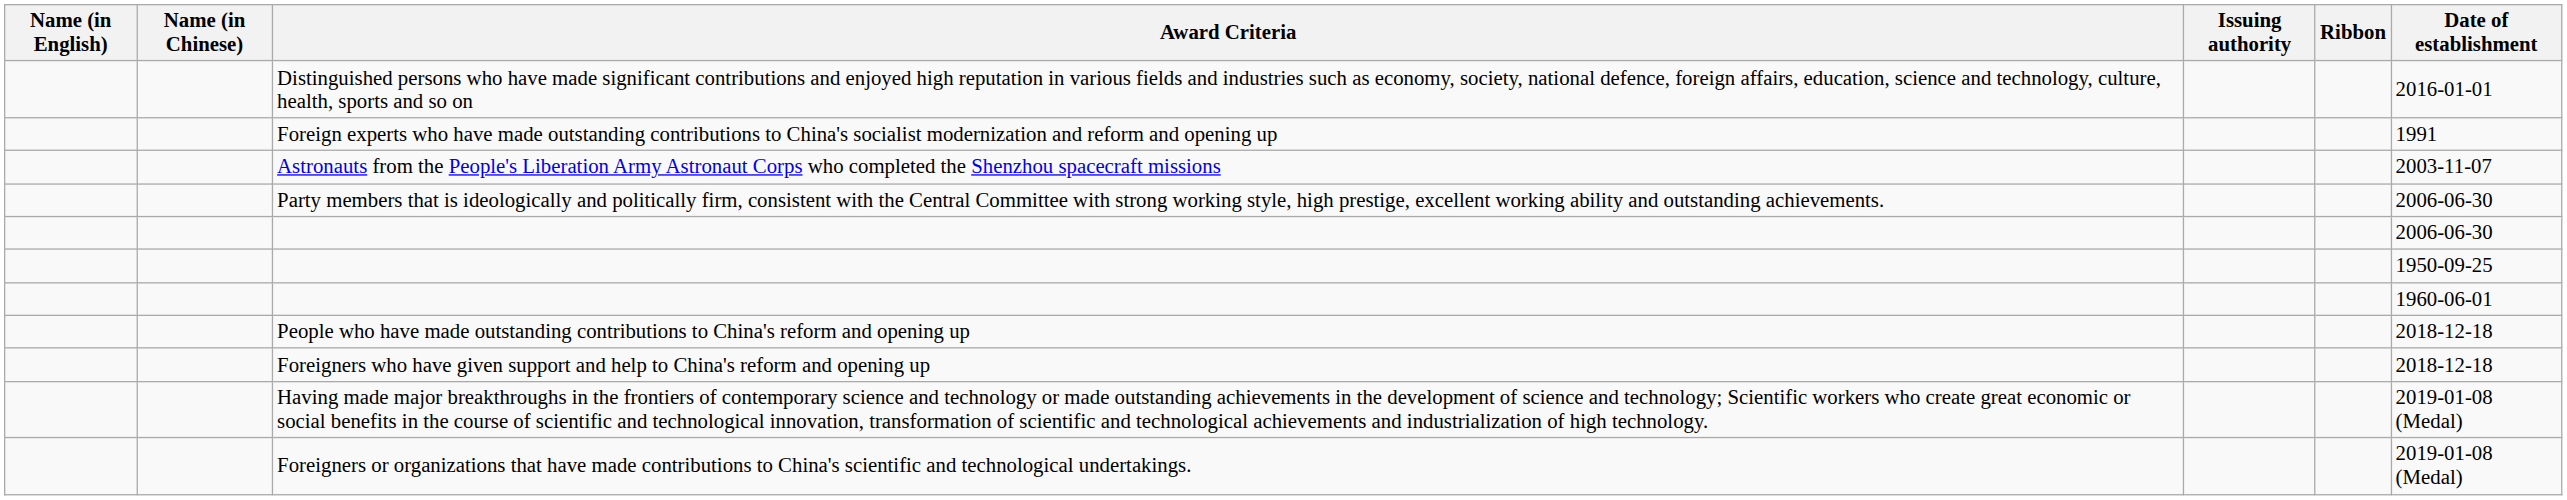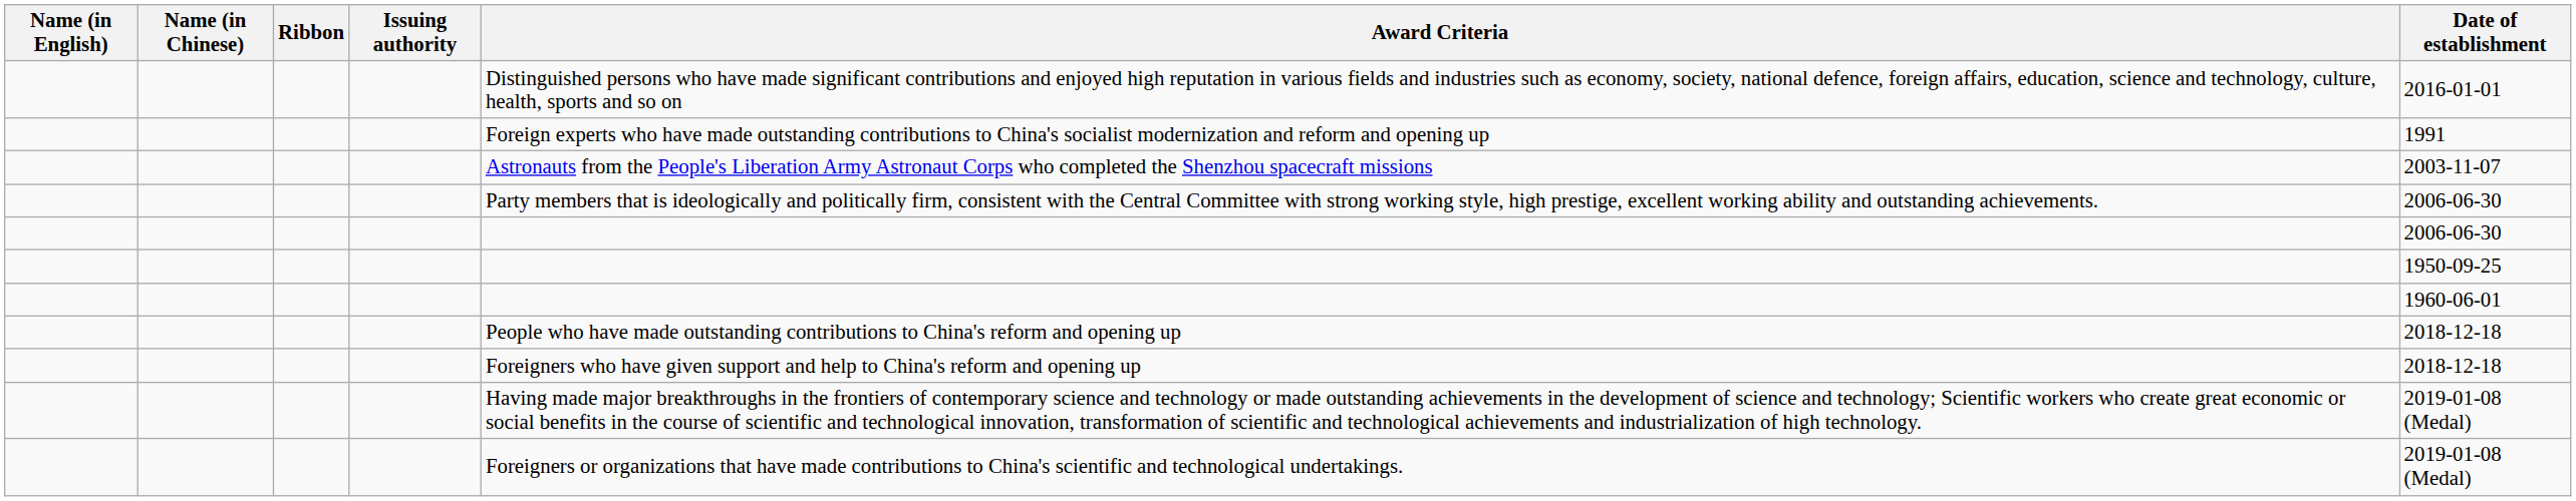 <table class="wikitable sortable">
 <tr>
 <th>Name (in English)</th>
 <th>Name (in Chinese)</th>
+<th>Ribbon</th>
+<th>Issuing authority</th>
 <th>Award Criteria</th>
-<th>Issuing authority</th>
-<th>Ribbon</th>
 <th>Date of establishment</th>
 </tr>
 <tr>
 <td></td>
 <td></td>
-<td>Distinguished persons who have made significant contributions and enjoyed high reputation in various fields and industries such as economy, society, national defence, foreign affairs, education, science and technology, culture, health, sports and so on</td>
 <td></td>
 <td></td>
+<td>Distinguished persons who have made significant contributions and enjoyed high reputation in various fields and industries such as economy, society, national defence, foreign affairs, education, science and technology, culture, health, sports and so on</td>
 <td>2016-01-01</td>
 </tr>
 <tr>
 <td></td>
 <td></td>
-<td>Foreign experts who have made outstanding contributions to China's socialist modernization and reform and opening up</td>
 <td></td>
 <td></td>
+<td>Foreign experts who have made outstanding contributions to China's socialist modernization and reform and opening up</td>
 <td>1991</td>
 </tr>
 <tr>
 <td></td>
 <td></td>
-<td><a href='#'>Astronauts</a> from the <a href='#'>People's Liberation Army Astronaut Corps</a> who completed the <a href='#'>Shenzhou spacecraft missions</a></td>
 <td></td>
 <td></td>
+<td><a href='#'>Astronauts</a> from the <a href='#'>People's Liberation Army Astronaut Corps</a> who completed the <a href='#'>Shenzhou spacecraft missions</a></td>
 <td>2003-11-07</td>
 </tr>
 <tr>
 <td></td>
 <td></td>
-<td>Party members that is ideologically and politically firm, consistent with the Central Committee with strong working style, high prestige, excellent working ability and outstanding achievements.</td>
 <td></td>
 <td></td>
+<td>Party members that is ideologically and politically firm, consistent with the Central Committee with strong working style, high prestige, excellent working ability and outstanding achievements.</td>
 <td>2006-06-30</td>
 </tr>
 <tr>
 <td></td>
 <td></td>
 <td></td>
 <td></td>
 <td></td>
 <td>2006-06-30</td>
 </tr>
 <tr>
 <td></td>
 <td></td>
 <td></td>
 <td></td>
 <td></td>
 <td>1950-09-25</td>
 </tr>
 <tr>
 <td></td>
 <td></td>
 <td></td>
 <td></td>
 <td></td>
 <td>1960-06-01</td>
 </tr>
 <tr>
 <td></td>
 <td></td>
-<td>People who have made outstanding contributions to China's reform and opening up</td>
 <td></td>
 <td></td>
+<td>People who have made outstanding contributions to China's reform and opening up</td>
 <td>2018-12-18</td>
 </tr>
 <tr>
 <td></td>
 <td></td>
-<td>Foreigners who have given support and help to China's reform and opening up</td>
 <td></td>
 <td></td>
+<td>Foreigners who have given support and help to China's reform and opening up</td>
 <td>2018-12-18</td>
 </tr>
 <tr>
 <td></td>
 <td></td>
-<td>Having made major breakthroughs in the frontiers of contemporary science and technology or made outstanding achievements in the development of science and technology; Scientific workers who create great economic or social benefits in the course of scientific and technological innovation, transformation of scientific and technological achievements and industrialization of high technology.</td>
 <td></td>
 <td></td>
+<td>Having made major breakthroughs in the frontiers of contemporary science and technology or made outstanding achievements in the development of science and technology; Scientific workers who create great economic or social benefits in the course of scientific and technological innovation, transformation of scientific and technological achievements and industrialization of high technology.</td>
 <td>2019-01-08 (Medal)</td>
 </tr>
 <tr>
 <td></td>
 <td></td>
-<td>Foreigners or organizations that have made contributions to China's scientific and technological undertakings.</td>
 <td></td>
 <td></td>
+<td>Foreigners or organizations that have made contributions to China's scientific and technological undertakings.</td>
 <td>2019-01-08 (Medal)</td>
 </tr>
 </table>
